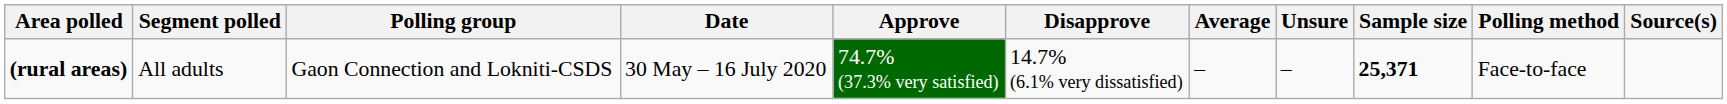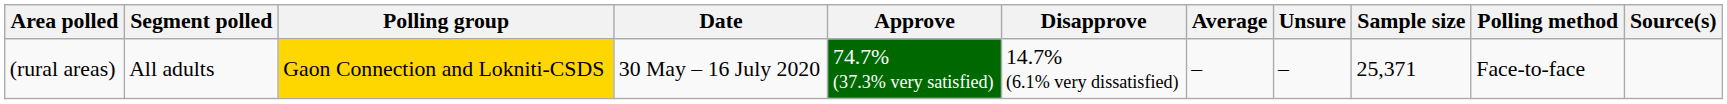 <table class="sortable wikitable static-row-numbers" style="width:100%;">
 <tr style="background:#CCCC;">
 <th>Area polled</th>
 <th>Segment polled</th>
 <th>Polling group</th>
 <th>Date</th>
 <th>Approve</th>
 <th>Disapprove</th>
 <th>Average</th>
 <th>Unsure</th>
 <th>Sample size</th>
 <th>Polling method</th>
 <th>Source(s)</th>
 </tr>
 <tr>
-<td><strong> (rural areas)</strong></td>
+<td> (rural areas)</td>
 <td>All adults</td>
-<td>Gaon Connection and Lokniti-CSDS</td>
+<td style="background: gold;">Gaon Connection and Lokniti-CSDS</td>
 <td>30 May – 16 July 2020</td>
 <td style="background:#006800; color: white">74.7%<br><small>(37.3% very satisfied)</small></td>
 <td>14.7%<br><small>(6.1% very dissatisfied)</small></td>
 <td>–</td>
 <td>–</td>
-<td><strong>25,371</strong></td>
+<td>25,371</td>
 <td>Face-to-face</td>
 <td></td>
 </tr>
 </table>
